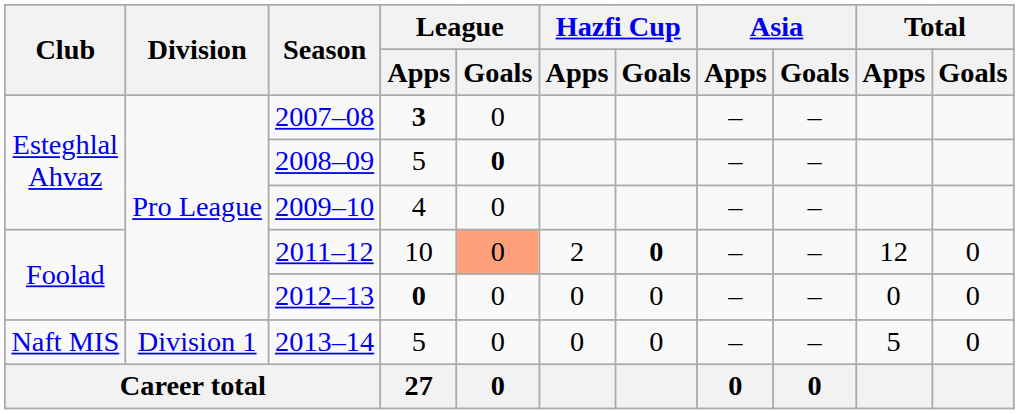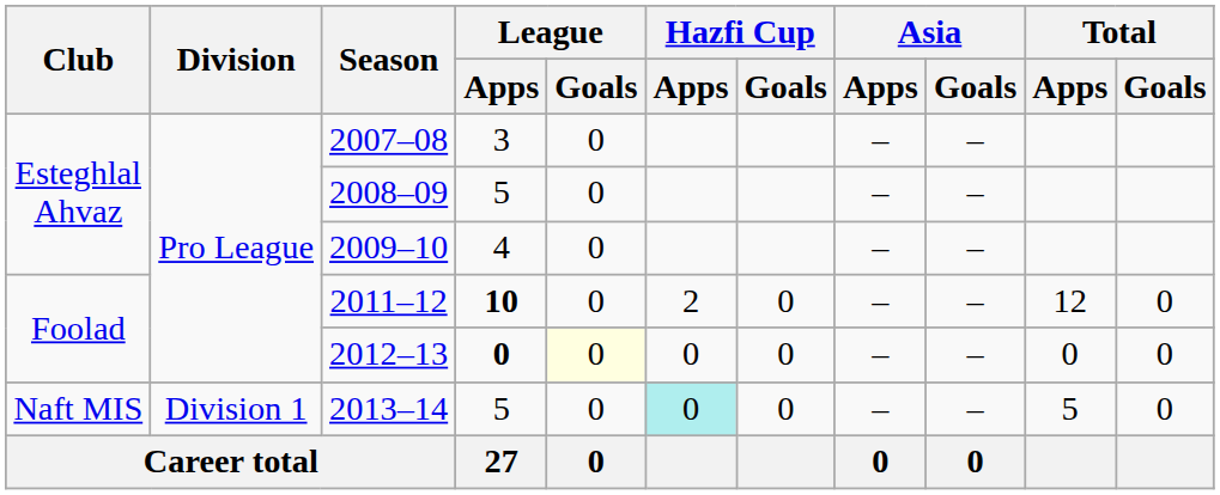 <table class="wikitable" style="text-align: center;">
 <tr>
 <th rowspan="2">Club</th>
 <th rowspan="2">Division</th>
 <th rowspan="2">Season</th>
 <th colspan="2">League</th>
 <th colspan="2"><a href='#'>Hazfi Cup</a></th>
 <th colspan="2"><a href='#'>Asia</a></th>
 <th colspan="2">Total</th>
 </tr>
 <tr>
 <th>Apps</th>
 <th>Goals</th>
 <th>Apps</th>
 <th>Goals</th>
 <th>Apps</th>
 <th>Goals</th>
 <th>Apps</th>
 <th>Goals</th>
 </tr>
 <tr>
 <td rowspan="3"><a href='#'>Esteghlal<br>Ahvaz</a></td>
 <td rowspan="5"><a href='#'>Pro League</a></td>
 <td><a href='#'>2007–08</a></td>
-<td><strong>3</strong></td>
+<td>3</td>
 <td>0</td>
 <td></td>
 <td></td>
 <td>–</td>
 <td>–</td>
 <td></td>
 <td></td>
 </tr>
 <tr>
 <td><a href='#'>2008–09</a></td>
 <td>5</td>
-<td><strong>0</strong></td>
+<td>0</td>
 <td></td>
 <td></td>
 <td>–</td>
 <td>–</td>
 <td></td>
 <td></td>
 </tr>
 <tr>
 <td><a href='#'>2009–10</a></td>
 <td>4</td>
 <td>0</td>
 <td></td>
 <td></td>
 <td>–</td>
 <td>–</td>
 <td></td>
 <td></td>
 </tr>
 <tr>
 <td rowspan="2"><a href='#'>Foolad</a></td>
 <td><a href='#'>2011–12</a></td>
-<td>10</td>
-<td style="background: lightsalmon;">0</td>
+<td><strong>10</strong></td>
+<td>0</td>
 <td>2</td>
-<td><strong>0</strong></td>
+<td>0</td>
 <td>–</td>
 <td>–</td>
 <td>12</td>
 <td>0</td>
 </tr>
 <tr>
 <td><a href='#'>2012–13</a></td>
 <td><strong>0</strong></td>
-<td>0</td>
+<td style="background: lightyellow;">0</td>
 <td>0</td>
 <td>0</td>
 <td>–</td>
 <td>–</td>
 <td>0</td>
 <td>0</td>
 </tr>
 <tr>
 <td><a href='#'>Naft MIS</a></td>
 <td><a href='#'>Division 1</a></td>
 <td><a href='#'>2013–14</a></td>
 <td>5</td>
 <td>0</td>
-<td>0</td>
+<td style="background: paleturquoise;">0</td>
 <td>0</td>
 <td>–</td>
 <td>–</td>
 <td>5</td>
 <td>0</td>
 </tr>
 <tr>
 <th colspan=3>Career total</th>
 <th>27</th>
 <th>0</th>
 <th></th>
 <th></th>
 <th>0</th>
 <th>0</th>
 <th></th>
 <th></th>
 </tr>
 </table>
